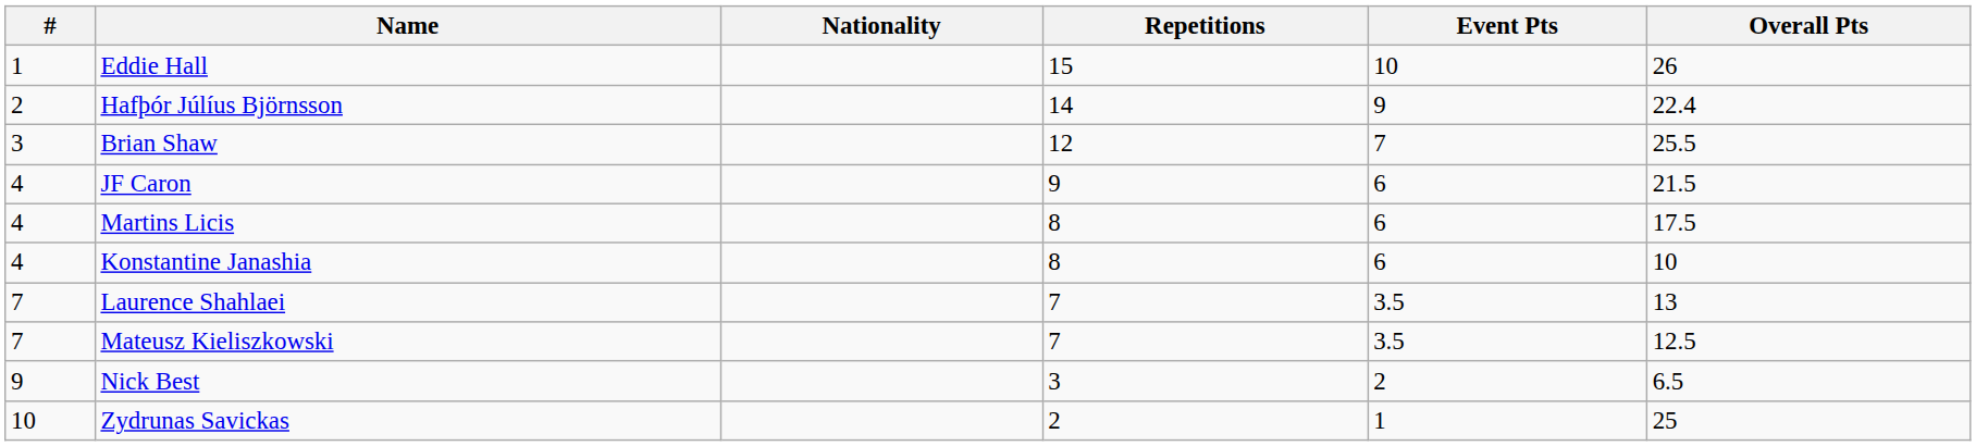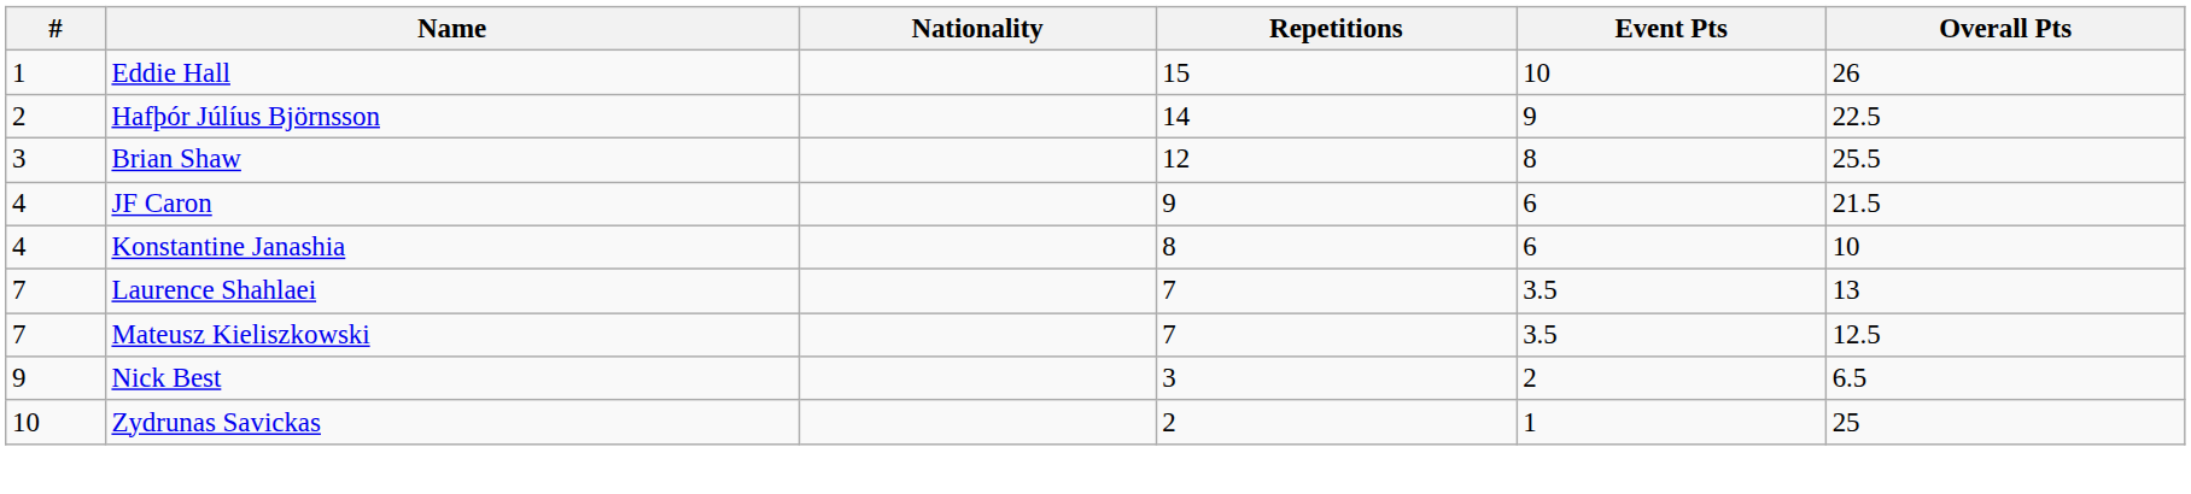 <table class="wikitable sortable" style="display: inline-table; width: 100%;">
 <tr>
 <th>#</th>
 <th>Name</th>
 <th>Nationality</th>
 <th>Repetitions</th>
 <th>Event Pts</th>
 <th>Overall Pts</th>
 </tr>
 <tr>
 <td>1</td>
 <td><a href='#'>Eddie Hall</a></td>
 <td></td>
 <td>15</td>
 <td>10</td>
 <td>26</td>
 </tr>
 <tr>
 <td>2</td>
 <td><a href='#'>Hafþór Júlíus Björnsson</a></td>
 <td></td>
 <td>14</td>
 <td>9</td>
-<td>22.4</td>
+<td>22.5</td>
 </tr>
 <tr>
 <td>3</td>
 <td><a href='#'>Brian Shaw</a></td>
 <td></td>
 <td>12</td>
-<td>7</td>
+<td>8</td>
 <td>25.5</td>
 </tr>
 <tr>
 <td>4</td>
 <td><a href='#'>JF Caron</a></td>
 <td></td>
 <td>9</td>
 <td>6</td>
 <td>21.5</td>
-</tr>
-<tr>
-<td>4</td>
-<td><a href='#'>Martins Licis</a></td>
-<td></td>
-<td>8</td>
-<td>6</td>
-<td>17.5</td>
 </tr>
 <tr>
 <td>4</td>
 <td><a href='#'>Konstantine Janashia</a></td>
 <td></td>
 <td>8</td>
 <td>6</td>
 <td>10</td>
 </tr>
 <tr>
 <td>7</td>
 <td><a href='#'>Laurence Shahlaei</a></td>
 <td></td>
 <td>7</td>
 <td>3.5</td>
 <td>13</td>
 </tr>
 <tr>
 <td>7</td>
 <td><a href='#'>Mateusz Kieliszkowski</a></td>
 <td></td>
 <td>7</td>
 <td>3.5</td>
 <td>12.5</td>
 </tr>
 <tr>
 <td>9</td>
 <td><a href='#'>Nick Best</a></td>
 <td></td>
 <td>3</td>
 <td>2</td>
 <td>6.5</td>
 </tr>
 <tr>
 <td>10</td>
 <td><a href='#'>Zydrunas Savickas</a></td>
 <td></td>
 <td>2</td>
 <td>1</td>
 <td>25</td>
 </tr>
 </table>
